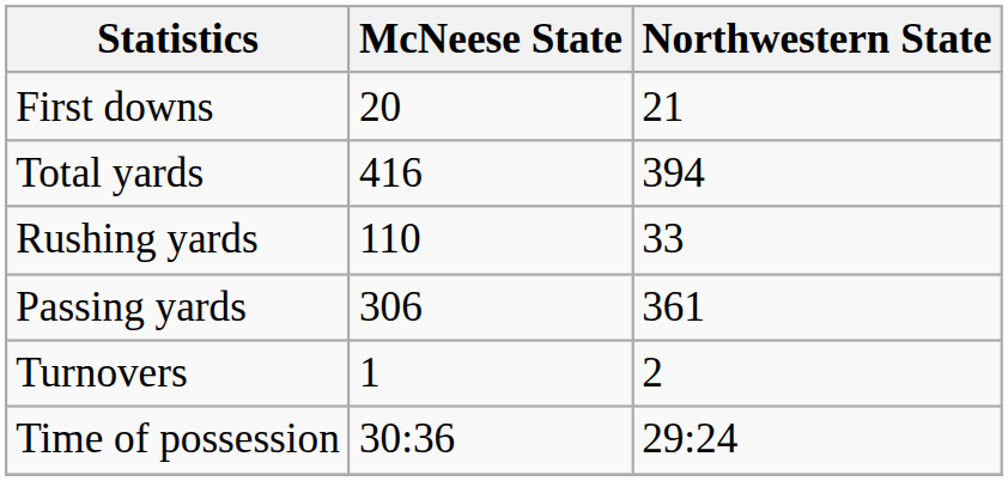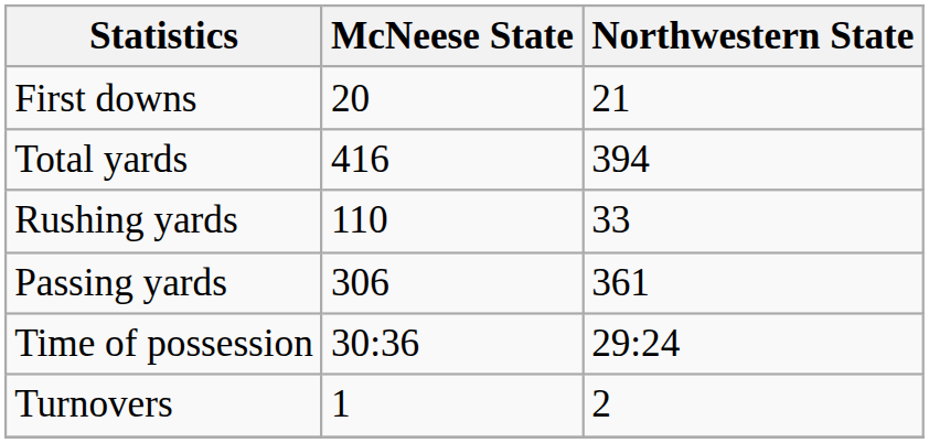 <table class="wikitable">
 <tr>
 <th>Statistics</th>
 <th>McNeese State</th>
 <th>Northwestern State</th>
 </tr>
 <tr>
 <td>First downs</td>
 <td>20</td>
 <td>21</td>
 </tr>
 <tr>
 <td>Total yards</td>
 <td>416</td>
 <td>394</td>
 </tr>
 <tr>
 <td>Rushing yards</td>
 <td>110</td>
 <td>33</td>
 </tr>
 <tr>
 <td>Passing yards</td>
 <td>306</td>
 <td>361</td>
 </tr>
 <tr>
+<td>Time of possession</td>
+<td>30:36</td>
+<td>29:24</td>
+</tr>
+<tr>
 <td>Turnovers</td>
 <td>1</td>
 <td>2</td>
 </tr>
 <tr>
-<td>Time of possession</td>
-<td>30:36</td>
-<td>29:24</td>
-</tr>
-<tr>
 </tr>
 </table>
